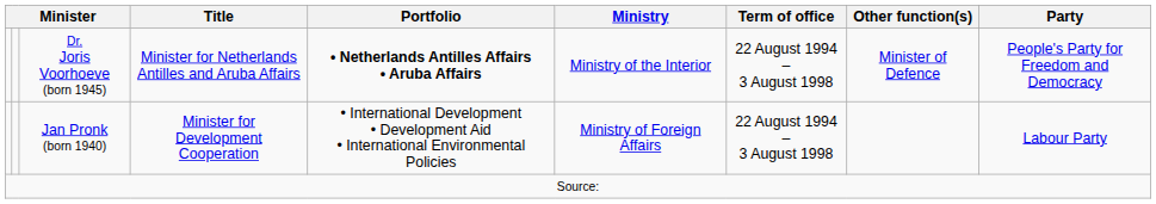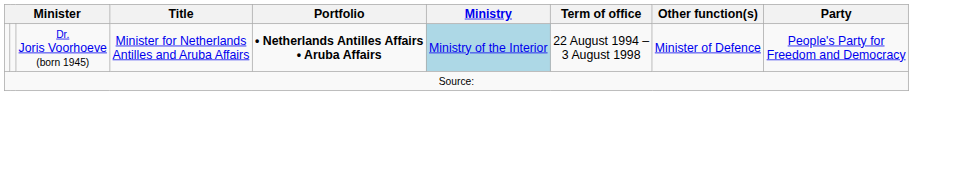 <table class="wikitable" style="text-align:center">
 <tr>
 <th colspan=3>Minister</th>
 <th>Title</th>
 <th>Portfolio</th>
 <th><a href='#'>Ministry</a></th>
 <th>Term of office</th>
 <th>Other function(s)</th>
 <th>Party</th>
 </tr>
 <tr>
 <td style="background:"></td>
 <td></td>
 <td><small><a href='#'>Dr.</a></small> <br> <a href='#'>Joris Voorhoeve</a> <br> <small>(born 1945)</small></td>
 <td><a href='#'>Minister for Netherlands <br> Antilles and Aruba Affairs</a></td>
 <td><strong>• Netherlands Antilles Affairs <br> • Aruba Affairs</strong></td>
-<td><a href='#'>Ministry of the Interior</a></td>
+<td style="background: lightblue;"><a href='#'>Ministry of the Interior</a></td>
 <td>22 August 1994 – <br> 3 August 1998</td>
 <td><a href='#'>Minister of Defence</a></td>
 <td><a href='#'>People's Party for <br> Freedom and Democracy</a></td>
 </tr>
 <tr>
-<td style="background:"></td>
-<td></td>
-<td><a href='#'>Jan Pronk</a> <br> <small>(born 1940)</small></td>
-<td><a href='#'>Minister for <br> Development Cooperation</a></td>
-<td>• International Development <br> • Development Aid <br> • International Environmental Policies</td>
-<td><a href='#'>Ministry of Foreign Affairs</a></td>
-<td>22 August 1994 – <br> 3 August 1998</td>
-<td></td>
-<td><a href='#'>Labour Party</a></td>
-</tr>
-<tr>
 <td colspan=9><small>Source:</small></td>
 </tr>
 </table>
